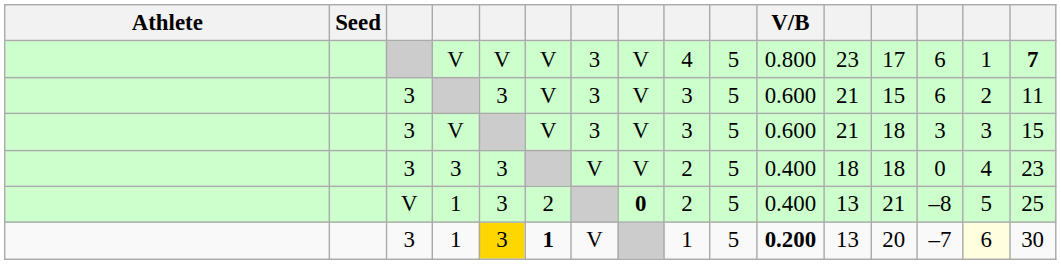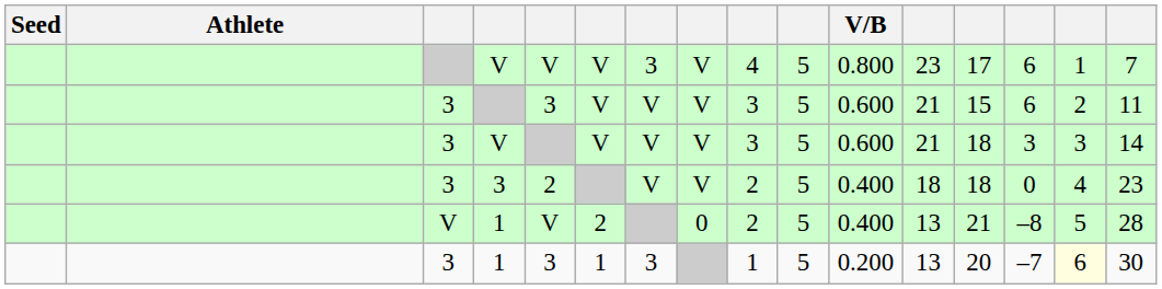 <table class="wikitable" style="text-align:center">
 <tr>
+<th width="25">Seed</th>
 <th width="220">Athlete</th>
-<th width="25">Seed</th>
 <th width="25"></th>
 <th width="25"></th>
 <th width="25"></th>
 <th width="25"></th>
 <th width="25"></th>
 <th width="25"></th>
 <th width="25"></th>
 <th width="25"></th>
 <th width="40">V/B</th>
 <th width="25"></th>
 <th width="25"></th>
 <th width="25"></th>
 <th width="25"></th>
 <th width="25"></th>
 </tr>
 <tr bgcolor=ccffcc>
+<td></td>
 <td align=left></td>
-<td></td>
 <td bgcolor="#cccccc"></td>
 <td>V</td>
 <td>V</td>
 <td>V</td>
 <td>3</td>
 <td>V</td>
 <td>4</td>
 <td>5</td>
 <td>0.800</td>
 <td>23</td>
 <td>17</td>
 <td>6</td>
 <td>1</td>
-<td><strong>7</strong></td>
+<td>7</td>
 </tr>
 <tr bgcolor=ccffcc>
+<td></td>
 <td align=left></td>
-<td></td>
 <td>3</td>
 <td bgcolor="#cccccc"></td>
 <td>3</td>
 <td>V</td>
-<td>3</td>
+<td>V</td>
 <td>V</td>
 <td>3</td>
 <td>5</td>
 <td>0.600</td>
 <td>21</td>
 <td>15</td>
 <td>6</td>
 <td>2</td>
 <td>11</td>
 </tr>
 <tr bgcolor=ccffcc>
+<td></td>
 <td align=left></td>
-<td></td>
 <td>3</td>
 <td>V</td>
 <td bgcolor="#cccccc"></td>
 <td>V</td>
-<td>3</td>
+<td>V</td>
 <td>V</td>
 <td>3</td>
 <td>5</td>
 <td>0.600</td>
 <td>21</td>
 <td>18</td>
 <td>3</td>
 <td>3</td>
-<td>15</td>
+<td>14</td>
 </tr>
 <tr bgcolor=ccffcc>
+<td></td>
 <td align=left></td>
-<td></td>
 <td>3</td>
 <td>3</td>
-<td>3</td>
+<td>2</td>
 <td bgcolor="#cccccc"></td>
 <td>V</td>
 <td>V</td>
 <td>2</td>
 <td>5</td>
 <td>0.400</td>
 <td>18</td>
 <td>18</td>
 <td>0</td>
 <td>4</td>
 <td>23</td>
 </tr>
 <tr bgcolor=ccffcc>
+<td></td>
 <td align=left></td>
-<td></td>
 <td>V</td>
 <td>1</td>
-<td>3</td>
+<td>V</td>
 <td>2</td>
 <td bgcolor="#cccccc"></td>
-<td><strong>0</strong></td>
+<td>0</td>
 <td>2</td>
 <td>5</td>
 <td>0.400</td>
 <td>13</td>
 <td>21</td>
 <td>–8</td>
 <td>5</td>
-<td>25</td>
+<td>28</td>
 </tr>
 <tr>
+<td></td>
 <td align=left></td>
-<td></td>
 <td>3</td>
 <td>1</td>
-<td style="background: gold;">3</td>
-<td><strong>1</strong></td>
-<td>V</td>
+<td>3</td>
+<td>1</td>
+<td>3</td>
 <td bgcolor="#cccccc"></td>
 <td>1</td>
 <td>5</td>
-<td><strong>0.200</strong></td>
+<td>0.200</td>
 <td>13</td>
 <td>20</td>
 <td>–7</td>
 <td style="background: lightyellow;">6</td>
 <td>30</td>
 </tr>
 </table>
